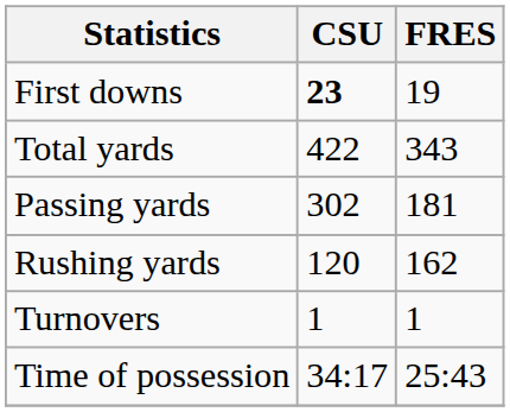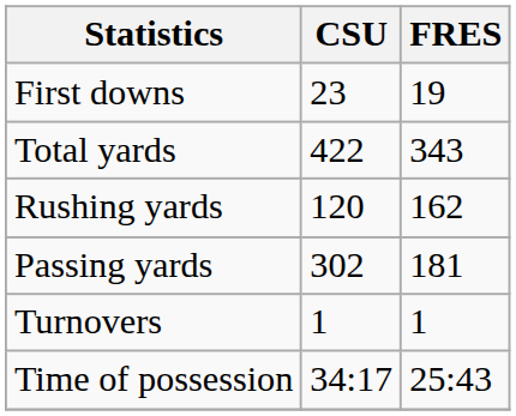 <table class="wikitable" style="float: left;">
 <tr>
 <th>Statistics</th>
 <th>CSU</th>
 <th>FRES</th>
 </tr>
 <tr>
 <td>First downs</td>
-<td><strong>23</strong></td>
+<td>23</td>
 <td>19</td>
 </tr>
 <tr>
 <td>Total yards</td>
 <td>422</td>
 <td>343</td>
 </tr>
 <tr>
+<td>Rushing yards</td>
+<td>120</td>
+<td>162</td>
+</tr>
+<tr>
 <td>Passing yards</td>
 <td>302</td>
 <td>181</td>
-</tr>
-<tr>
-<td>Rushing yards</td>
-<td>120</td>
-<td>162</td>
 </tr>
 <tr>
 <td>Turnovers</td>
 <td>1</td>
 <td>1</td>
 </tr>
 <tr>
 <td>Time of possession</td>
 <td>34:17</td>
 <td>25:43</td>
 </tr>
 <tr>
 </tr>
 </table>
